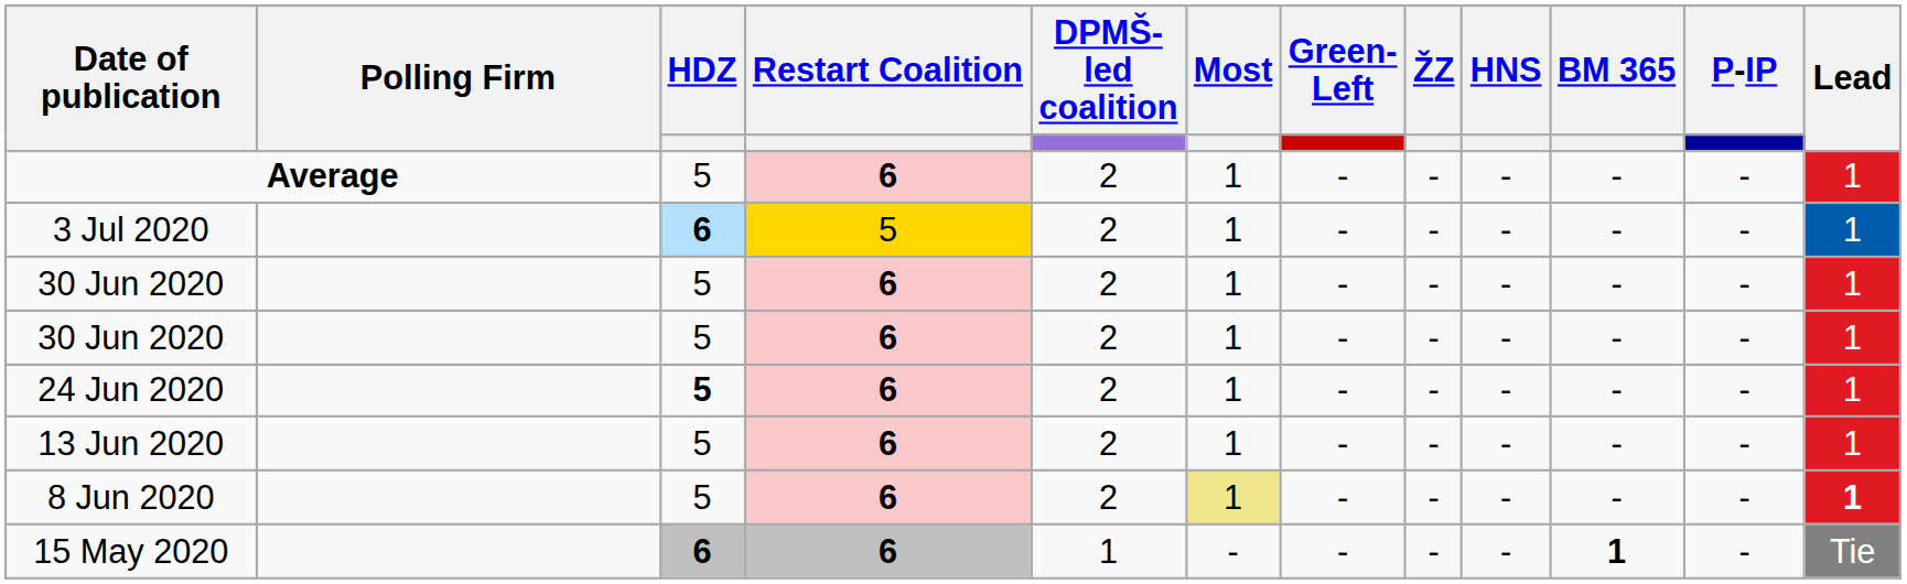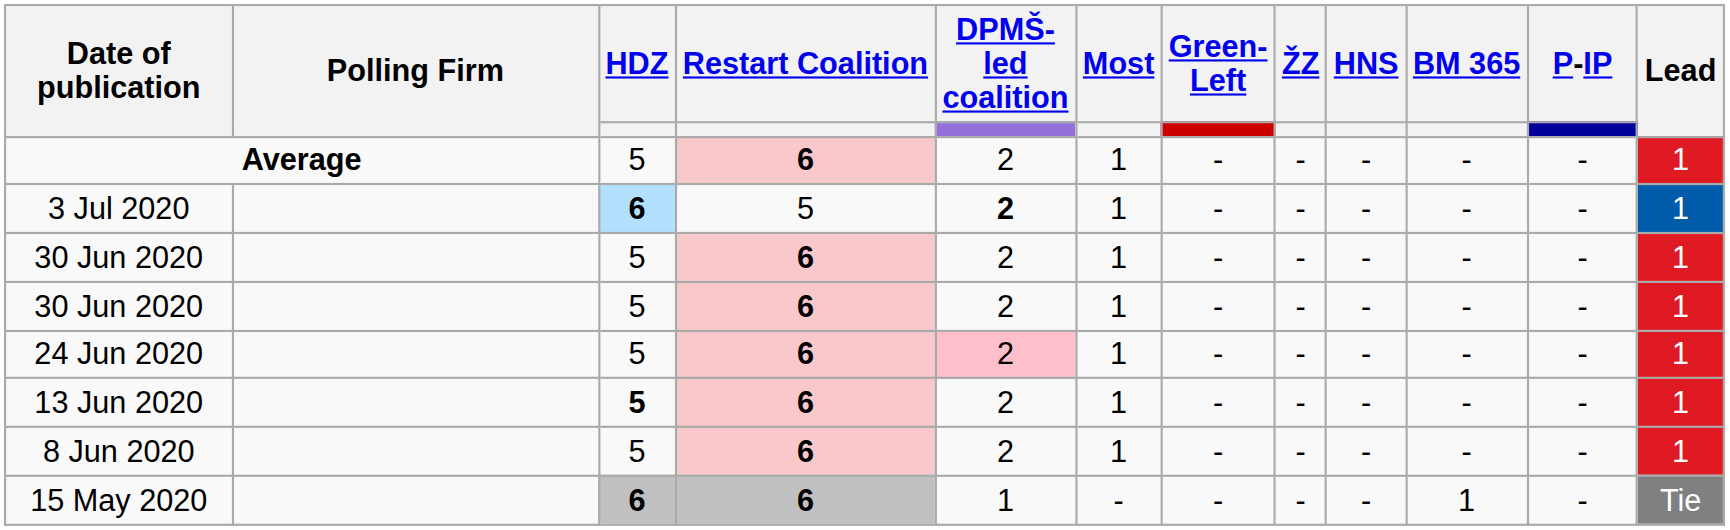 <table class="wikitable sortable" style="text-align:center; font-size:90%; line-height:16px;">
 <tr style="height:42px;">
 <th style="width:100px;" rowspan="2">Date of publication</th>
 <th style="width:165px;" rowspan="2">Polling Firm</th>
 <th class="unsortable"><a href='#'>HDZ</a></th>
 <th class="unsortable"><a href='#'>Restart Coalition</a></th>
 <th class="unsortable"><a href='#'>DPMŠ-led coalition</a></th>
 <th class="unsortable"><a href='#'>Most</a></th>
 <th class="unsortable"><a href='#'>Green-Left</a></th>
 <th class="unsortable"><a href='#'>ŽZ</a></th>
 <th class="unsortable"><a href='#'>HNS</a></th>
 <th class="unsortable"><a href='#'>BM 365</a></th>
 <th class="unsortable"><a href='#'>P</a>-<a href='#'>IP</a></th>
 <th class="unsortable" style="width:20px;" rowspan="2">Lead</th>
 </tr>
 <tr>
 <th class="unsortable" style="color:inherit;background:"></th>
 <th class="unsortable" style="color:inherit;background:"></th>
 <th class="unsortable" style="color:inherit;background:#9370db; width:45px;"></th>
 <th class="unsortable" style="color:inherit;background:"></th>
 <th class="unsortable" style="background:#cc0000" width="45px"></th>
 <th class="unsortable" style="color:inherit;background:"></th>
 <th class="unsortable" style="color:inherit;background:"></th>
 <th class="unsortable" style="color:inherit;background:"></th>
 <th class="unsortable" style="color:inherit;background:#00009a; width:45px;"></th>
 </tr>
 <tr>
 <td colspan="2"><strong>Average</strong></td>
 <td>5</td>
 <td style="background:#F9C8CA"><strong>6</strong></td>
 <td>2</td>
 <td>1</td>
 <td>-</td>
 <td>-</td>
 <td>-</td>
 <td>-</td>
 <td>-</td>
 <td style="background:#DF1A22; color:white;">1</td>
 </tr>
 <tr>
 <td>3 Jul 2020</td>
 <td></td>
 <td style="background:#B3E0FF"><strong>6</strong></td>
-<td style="background: gold;">5</td>
-<td>2</td>
+<td>5</td>
+<td><strong>2</strong></td>
 <td>1</td>
 <td>-</td>
 <td>-</td>
 <td>-</td>
 <td>-</td>
 <td>-</td>
 <td style="background:#005BAA; color:white;">1</td>
 </tr>
 <tr>
 <td>30 Jun 2020</td>
 <td></td>
 <td>5</td>
 <td style="background:#F9C8CA"><strong>6</strong></td>
 <td>2</td>
 <td>1</td>
 <td>-</td>
 <td>-</td>
 <td>-</td>
 <td>-</td>
 <td>-</td>
 <td style="background:#DF1A22; color:white;">1</td>
 </tr>
 <tr>
 <td>30 Jun 2020</td>
 <td></td>
 <td>5</td>
 <td style="background:#F9C8CA"><strong>6</strong></td>
 <td>2</td>
 <td>1</td>
 <td>-</td>
 <td>-</td>
 <td>-</td>
 <td>-</td>
 <td>-</td>
 <td style="background:#DF1A22; color:white;">1</td>
 </tr>
 <tr>
 <td>24 Jun 2020</td>
 <td></td>
-<td><strong>5</strong></td>
+<td>5</td>
 <td style="background:#F9C8CA"><strong>6</strong></td>
-<td>2</td>
+<td style="background: pink;">2</td>
 <td>1</td>
 <td>-</td>
 <td>-</td>
 <td>-</td>
 <td>-</td>
 <td>-</td>
 <td style="background:#DF1A22; color:white;">1</td>
 </tr>
 <tr>
 <td>13 Jun 2020</td>
 <td></td>
-<td>5</td>
+<td><strong>5</strong></td>
 <td style="background:#F9C8CA"><strong>6</strong></td>
 <td>2</td>
 <td>1</td>
 <td>-</td>
 <td>-</td>
 <td>-</td>
 <td>-</td>
 <td>-</td>
 <td style="background:#DF1A22; color:white;">1</td>
 </tr>
 <tr>
 <td>8 Jun 2020</td>
 <td></td>
 <td>5</td>
 <td style="background:#F9C8CA"><strong>6</strong></td>
 <td>2</td>
-<td style="background: khaki;">1</td>
+<td>1</td>
 <td>-</td>
 <td>-</td>
 <td>-</td>
 <td>-</td>
 <td>-</td>
-<td style="background:#DF1A22; color:white;"><strong>1</strong></td>
+<td style="background:#DF1A22; color:white;">1</td>
 </tr>
 <tr>
 <td>15 May 2020</td>
 <td></td>
 <td style="background:#C0C0C0"><strong>6</strong></td>
 <td style="background:#C0C0C0"><strong>6</strong></td>
 <td>1</td>
 <td>-</td>
 <td>-</td>
 <td>-</td>
 <td>-</td>
-<td><strong>1</strong></td>
+<td>1</td>
 <td>-</td>
 <td style="background:#808080; color:white;">Tie</td>
 </tr>
 </table>
